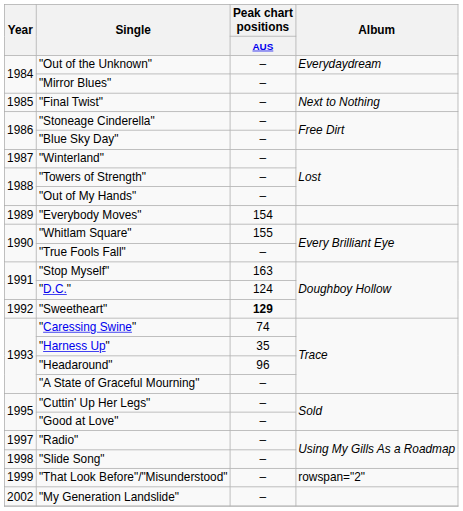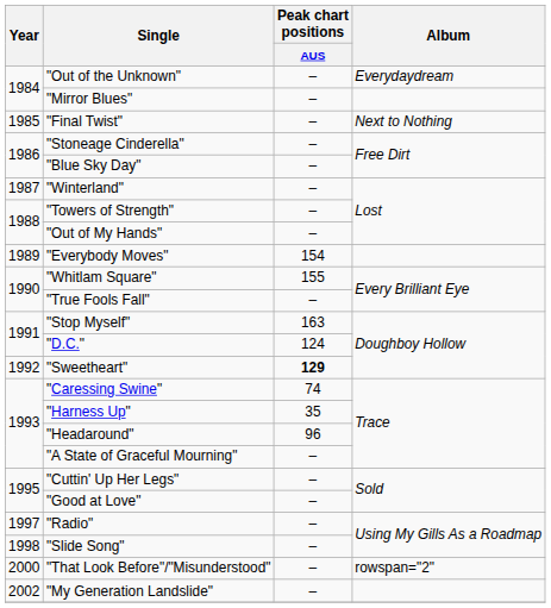 <table class="wikitable">
 <tr>
 <th rowspan="2">Year</th>
 <th rowspan="2">Single</th>
 <th scope="col" colspan="1">Peak chart<br>positions</th>
 <th rowspan="2">Album</th>
 </tr>
 <tr>
 <th scope="col" style="text-align:center;"><small><a href='#'>AUS</a></small><br></th>
 </tr>
 <tr>
 <td rowspan="2">1984</td>
 <td>"Out of the Unknown"</td>
 <td style="text-align:center;">–</td>
 <td><em>Everydaydream</em></td>
 </tr>
 <tr>
 <td>"Mirror Blues"</td>
 <td style="text-align:center;">–</td>
 </tr>
 <tr>
 <td>1985</td>
 <td>"Final Twist"</td>
 <td style="text-align:center;">–</td>
 <td><em>Next to Nothing</em></td>
 </tr>
 <tr>
 <td rowspan="2">1986</td>
 <td>"Stoneage Cinderella"</td>
 <td style="text-align:center;">–</td>
 <td rowspan="2"><em>Free Dirt</em></td>
 </tr>
 <tr>
 <td>"Blue Sky Day"</td>
 <td style="text-align:center;">–</td>
 </tr>
 <tr>
 <td>1987</td>
 <td>"Winterland"</td>
 <td style="text-align:center;">–</td>
 <td rowspan="3"><em>Lost</em></td>
 </tr>
 <tr>
 <td rowspan="2">1988</td>
 <td>"Towers of Strength"</td>
 <td style="text-align:center;">–</td>
 </tr>
 <tr>
 <td>"Out of My Hands"</td>
 <td style="text-align:center;">–</td>
 </tr>
 <tr>
 <td>1989</td>
 <td>"Everybody Moves"</td>
 <td style="text-align:center;">154</td>
 <td></td>
 </tr>
 <tr>
 <td rowspan="2">1990</td>
 <td>"Whitlam Square"</td>
 <td style="text-align:center;">155</td>
 <td rowspan="2"><em>Every Brilliant Eye</em></td>
 </tr>
 <tr>
 <td>"True Fools Fall"</td>
 <td style="text-align:center;">–</td>
 </tr>
 <tr>
 <td rowspan="2">1991</td>
 <td>"Stop Myself"</td>
 <td style="text-align:center;">163</td>
 <td rowspan="3"><em>Doughboy Hollow</em></td>
 </tr>
 <tr>
 <td>"<a href='#'>D.C.</a>"</td>
 <td style="text-align:center;">124</td>
 </tr>
 <tr>
 <td>1992</td>
 <td>"Sweetheart"</td>
 <td style="text-align:center;"><strong>129</strong></td>
 </tr>
 <tr>
 <td rowspan="4">1993</td>
 <td>"<a href='#'>Caressing Swine</a>"</td>
 <td style="text-align:center;">74</td>
 <td rowspan="4"><em>Trace</em></td>
 </tr>
 <tr>
 <td>"<a href='#'>Harness Up</a>"</td>
 <td style="text-align:center;">35</td>
 </tr>
 <tr>
 <td>"Headaround"</td>
 <td style="text-align:center;">96</td>
 </tr>
 <tr>
 <td>"A State of Graceful Mourning"</td>
 <td style="text-align:center;">–</td>
 </tr>
 <tr>
 <td rowspan="2">1995</td>
 <td>"Cuttin' Up Her Legs"</td>
 <td style="text-align:center;">–</td>
 <td rowspan="2"><em>Sold</em></td>
 </tr>
 <tr>
 <td>"Good at Love"</td>
 <td style="text-align:center;">–</td>
 </tr>
 <tr>
 <td>1997</td>
 <td>"Radio"</td>
 <td style="text-align:center;">–</td>
 <td rowspan="2"><em>Using My Gills As a Roadmap</em></td>
 </tr>
 <tr>
 <td>1998</td>
 <td>"Slide Song"</td>
 <td style="text-align:center;">–</td>
 </tr>
 <tr>
-<td>1999</td>
+<td>2000</td>
 <td>"That Look Before"/"Misunderstood"</td>
 <td style="text-align:center;">–</td>
 <td>rowspan="2" </td>
 </tr>
 <tr>
 <td>2002</td>
 <td>"My Generation Landslide"</td>
 <td style="text-align:center;">–</td>
 <td></td>
 </tr>
 <tr>
 </tr>
 </table>
